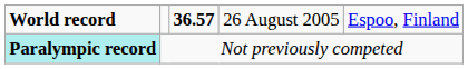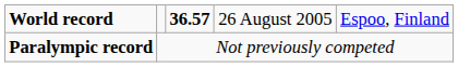 <table class="wikitable">
 <tr>
 <td><strong>World record</strong></td>
 <td></td>
 <td><strong>36.57</strong></td>
 <td>26 August 2005</td>
 <td><a href='#'>Espoo</a>, <a href='#'>Finland</a></td>
 </tr>
 <tr>
-<td style="background: paleturquoise;"><strong>Paralympic record</strong></td>
+<td><strong>Paralympic record</strong></td>
 <td colspan = "4" style="text-align:center"><em>Not previously competed</em></td>
 </tr>
 </table>
